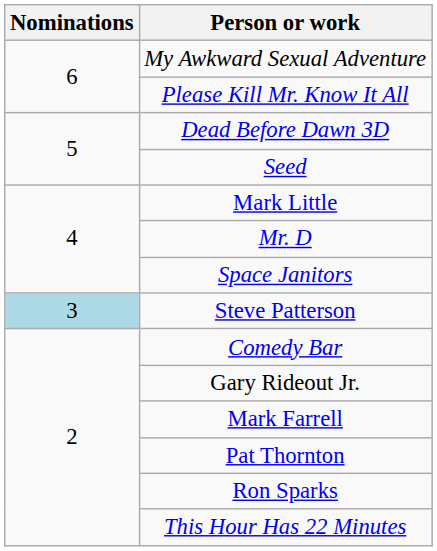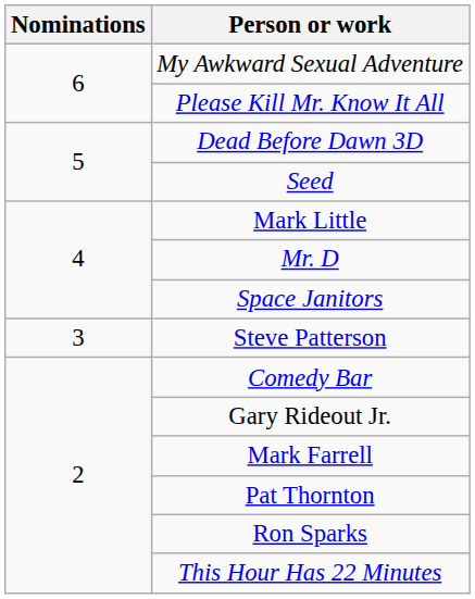 <table class="wikitable sortable" style="text-align:center">
 <tr>
 <th scope="col" style="width:55px;">Nominations</th>
 <th scope="col" style="text-align:center;">Person or work</th>
 </tr>
 <tr>
 <td rowspan=2 style="text-align:center">6</td>
 <td><em>My Awkward Sexual Adventure</em></td>
 </tr>
 <tr>
 <td><em><a href='#'>Please Kill Mr. Know It All</a></em></td>
 </tr>
 <tr>
 <td rowspan=2 style="text-align:center">5</td>
 <td><em><a href='#'>Dead Before Dawn 3D</a></em></td>
 </tr>
 <tr>
 <td><em><a href='#'>Seed</a></em></td>
 </tr>
 <tr>
 <td rowspan=3 style="text-align:center">4</td>
 <td><a href='#'>Mark Little</a></td>
 </tr>
 <tr>
 <td><em><a href='#'>Mr. D</a></em></td>
 </tr>
 <tr>
 <td><em><a href='#'>Space Janitors</a></em></td>
 </tr>
 <tr>
-<td style="background: lightblue; text-align:center">3</td>
+<td style="text-align:center">3</td>
 <td><a href='#'>Steve Patterson</a></td>
 </tr>
 <tr>
 <td rowspan=6 style="text-align:center">2</td>
 <td><em><a href='#'>Comedy Bar</a></em></td>
 </tr>
 <tr>
 <td>Gary Rideout Jr.</td>
 </tr>
 <tr>
 <td><a href='#'>Mark Farrell</a></td>
 </tr>
 <tr>
 <td><a href='#'>Pat Thornton</a></td>
 </tr>
 <tr>
 <td><a href='#'>Ron Sparks</a></td>
 </tr>
 <tr>
 <td><em><a href='#'>This Hour Has 22 Minutes</a></em></td>
 </tr>
 </table>
